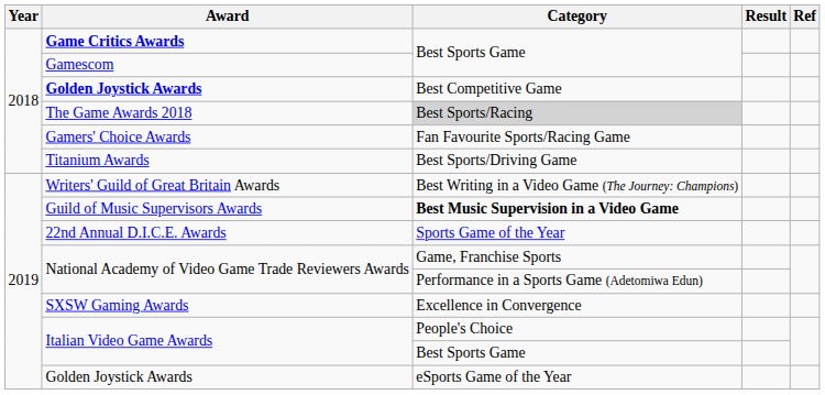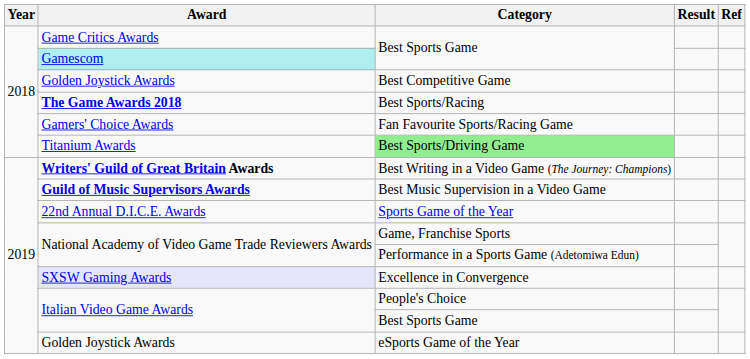 <table class="wikitable sortable">
 <tr>
 <th>Year</th>
 <th>Award</th>
 <th>Category</th>
 <th>Result</th>
 <th>Ref</th>
 </tr>
 <tr>
 <td style="text-align:center;" rowspan="6">2018</td>
-<td><strong><a href='#'>Game Critics Awards</a></strong></td>
+<td><a href='#'>Game Critics Awards</a></td>
 <td rowspan="2">Best Sports Game</td>
 <td></td>
 <td style="text-align:center;"></td>
 </tr>
 <tr>
-<td><a href='#'>Gamescom</a></td>
+<td style="background: paleturquoise;"><a href='#'>Gamescom</a></td>
 <td></td>
 <td style="text-align:center;"></td>
 </tr>
 <tr>
-<td><strong><a href='#'>Golden Joystick Awards</a></strong></td>
+<td><a href='#'>Golden Joystick Awards</a></td>
 <td>Best Competitive Game</td>
 <td></td>
 <td style="text-align:center;"></td>
 </tr>
 <tr>
-<td><a href='#'>The Game Awards 2018</a></td>
-<td style="background: lightgrey;">Best Sports/Racing</td>
+<td><strong><a href='#'>The Game Awards 2018</a></strong></td>
+<td>Best Sports/Racing</td>
 <td></td>
 <td style="text-align:center;"></td>
 </tr>
 <tr>
 <td><a href='#'>Gamers' Choice Awards</a></td>
 <td>Fan Favourite Sports/Racing Game</td>
 <td></td>
 <td style="text-align:center;"></td>
 </tr>
 <tr>
 <td><a href='#'>Titanium Awards</a></td>
-<td>Best Sports/Driving Game</td>
+<td style="background: lightgreen;">Best Sports/Driving Game</td>
 <td></td>
 <td style="text-align:center;"></td>
 </tr>
 <tr>
 <td style="text-align:center;" rowspan="9">2019</td>
-<td><a href='#'>Writers' Guild of Great Britain</a> Awards</td>
+<td><strong><a href='#'>Writers' Guild of Great Britain</a> Awards</strong></td>
 <td>Best Writing in a Video Game <small>(<em>The Journey: Champions</em>)</small></td>
 <td></td>
 <td style="text-align:center;"></td>
 </tr>
 <tr>
-<td><a href='#'>Guild of Music Supervisors Awards</a></td>
-<td><strong>Best Music Supervision in a Video Game</strong></td>
+<td><strong><a href='#'>Guild of Music Supervisors Awards</a></strong></td>
+<td>Best Music Supervision in a Video Game</td>
 <td></td>
 <td style="text-align:center;"></td>
 </tr>
 <tr>
 <td><a href='#'>22nd Annual D.I.C.E. Awards</a></td>
 <td><a href='#'>Sports Game of the Year</a></td>
 <td></td>
 <td style="text-align:center;"></td>
 </tr>
 <tr>
 <td rowspan="2">National Academy of Video Game Trade Reviewers Awards</td>
 <td>Game, Franchise Sports</td>
 <td></td>
 <td style="text-align:center;" rowspan="2"></td>
 </tr>
 <tr>
 <td>Performance in a Sports Game <small>(Adetomiwa Edun)</small></td>
 <td></td>
 </tr>
 <tr>
-<td><a href='#'>SXSW Gaming Awards</a></td>
+<td style="background: lavender;"><a href='#'>SXSW Gaming Awards</a></td>
 <td>Excellence in Convergence</td>
 <td></td>
 <td style="text-align:center;"></td>
 </tr>
 <tr>
 <td rowspan="2"><a href='#'>Italian Video Game Awards</a></td>
 <td>People's Choice</td>
 <td></td>
 <td style="text-align:center;" rowspan="2"></td>
 </tr>
 <tr>
 <td>Best Sports Game</td>
 <td></td>
 </tr>
 <tr>
 <td>Golden Joystick Awards</td>
 <td>eSports Game of the Year</td>
 <td></td>
 <td style="text-align:center;"></td>
 </tr>
 </table>
